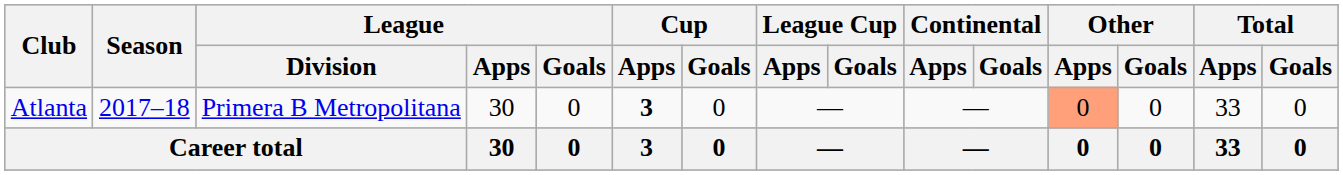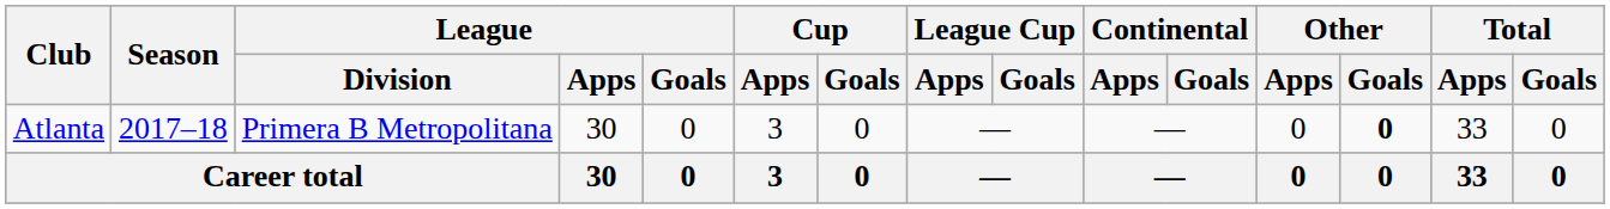 <table class="wikitable" style="text-align:center">
 <tr>
 <th rowspan="2">Club</th>
 <th rowspan="2">Season</th>
 <th colspan="3">League</th>
 <th colspan="2">Cup</th>
 <th colspan="2">League Cup</th>
 <th colspan="2">Continental</th>
 <th colspan="2">Other</th>
 <th colspan="2">Total</th>
 </tr>
 <tr>
 <th>Division</th>
 <th>Apps</th>
 <th>Goals</th>
 <th>Apps</th>
 <th>Goals</th>
 <th>Apps</th>
 <th>Goals</th>
 <th>Apps</th>
 <th>Goals</th>
 <th>Apps</th>
 <th>Goals</th>
 <th>Apps</th>
 <th>Goals</th>
 </tr>
 <tr>
 <td rowspan="1"><a href='#'>Atlanta</a></td>
 <td><a href='#'>2017–18</a></td>
 <td rowspan="1"><a href='#'>Primera B Metropolitana</a></td>
 <td>30</td>
 <td>0</td>
-<td><strong>3</strong></td>
+<td>3</td>
 <td>0</td>
 <td colspan="2">—</td>
 <td colspan="2">—</td>
-<td style="background: lightsalmon;">0</td>
 <td>0</td>
+<td><strong>0</strong></td>
 <td>33</td>
 <td>0</td>
 </tr>
 <tr>
 <th colspan="3">Career total</th>
 <th>30</th>
 <th>0</th>
 <th>3</th>
 <th>0</th>
 <th colspan="2">—</th>
 <th colspan="2">—</th>
 <th>0</th>
 <th>0</th>
 <th>33</th>
 <th>0</th>
 </tr>
 </table>
